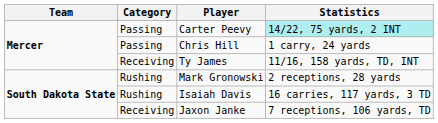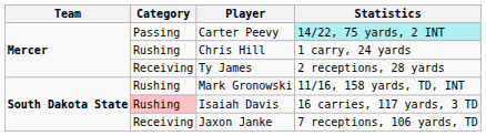 <table class="wikitable" style="float: left;">
 <tr>
 <th>Team</th>
 <th>Category</th>
 <th>Player</th>
 <th>Statistics</th>
 </tr>
 <tr>
 <td rowspan=3><strong>Mercer</strong></td>
 <td>Passing</td>
 <td>Carter Peevy</td>
 <td style="background: paleturquoise;">14/22, 75 yards, 2 INT</td>
 </tr>
 <tr>
-<td>Passing</td>
+<td>Rushing</td>
 <td>Chris Hill</td>
 <td>1 carry, 24 yards</td>
 </tr>
 <tr>
 <td>Receiving</td>
 <td>Ty James</td>
-<td>11/16, 158 yards, TD, INT</td>
+<td>2 receptions, 28 yards</td>
 </tr>
 <tr>
 <td rowspan=3><strong>South Dakota State</strong></td>
 <td>Rushing</td>
 <td>Mark Gronowski</td>
-<td>2 receptions, 28 yards</td>
+<td>11/16, 158 yards, TD, INT</td>
 </tr>
 <tr>
-<td>Rushing</td>
+<td style="background: pink;">Rushing</td>
 <td>Isaiah Davis</td>
 <td>16 carries, 117 yards, 3 TD</td>
 </tr>
 <tr>
 <td>Receiving</td>
 <td>Jaxon Janke</td>
 <td>7 receptions, 106 yards, TD</td>
 </tr>
 </table>
